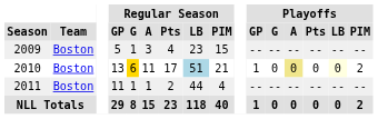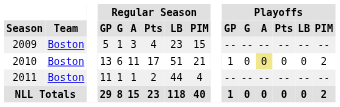 <table BORDER="0" CELLPADDING="3" CELLSPACING="0">
 <tr ALIGN="center" bgcolor="#e0e0e0">
 <th colspan="2" bgcolor="#ffffff"> </th>
 <th rowspan="99" bgcolor="#ffffff"> </th>
 <th colspan="6">Regular Season</th>
 <th rowspan="99" bgcolor="#ffffff"> </th>
 <th colspan="6">Playoffs</th>
 </tr>
 <tr ALIGN="center" bgcolor="#e0e0e0">
 <th>Season</th>
 <th>Team</th>
 <th>GP</th>
 <th>G</th>
 <th>A</th>
 <th>Pts</th>
 <th>LB</th>
 <th>PIM</th>
 <th>GP</th>
 <th>G</th>
 <th>A</th>
 <th>Pts</th>
 <th>LB</th>
 <th>PIM</th>
 </tr>
 <tr ALIGN="center" bgcolor="#f0f0f0">
 <td>2009</td>
 <td><a href='#'>Boston</a></td>
 <td>5</td>
 <td>1</td>
 <td>3</td>
 <td>4</td>
 <td>23</td>
 <td>15</td>
 <td>--</td>
 <td>--</td>
 <td>--</td>
 <td>--</td>
 <td>--</td>
 <td>--</td>
 </tr>
 <tr ALIGN="center">
 <td>2010</td>
 <td><a href='#'>Boston</a></td>
 <td>13</td>
-<td style="background: gold;">6</td>
+<td>6</td>
 <td>11</td>
 <td>17</td>
-<td style="background: lightblue;">51</td>
+<td>51</td>
 <td>21</td>
 <td>1</td>
 <td>0</td>
 <td style="background: khaki;">0</td>
 <td>0</td>
-<td style="background: lightyellow;">0</td>
+<td>0</td>
 <td>2</td>
 </tr>
 <tr ALIGN="center" bgcolor="#f0f0f0">
 <td>2011</td>
 <td><a href='#'>Boston</a></td>
 <td>11</td>
 <td>1</td>
 <td>1</td>
 <td>2</td>
 <td>44</td>
 <td>4</td>
 <td>--</td>
 <td>--</td>
 <td>--</td>
 <td>--</td>
 <td>--</td>
 <td>--</td>
 </tr>
 <tr ALIGN="center" bgcolor="#e0e0e0">
 <th colspan="2">NLL Totals</th>
 <th>29</th>
 <th>8</th>
 <th>15</th>
 <th>23</th>
 <th>118</th>
 <th>40</th>
 <th>1</th>
 <th>0</th>
 <th>0</th>
 <th>0</th>
 <th>0</th>
 <th>2</th>
 </tr>
 </table>
